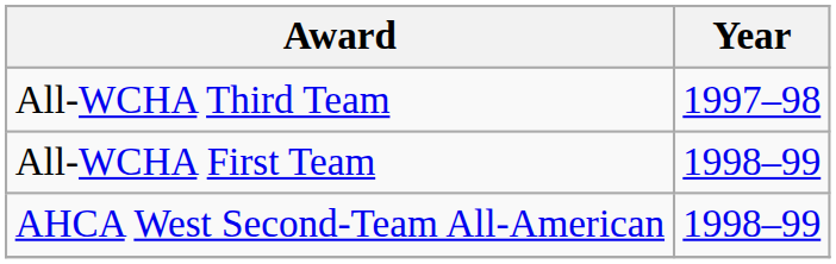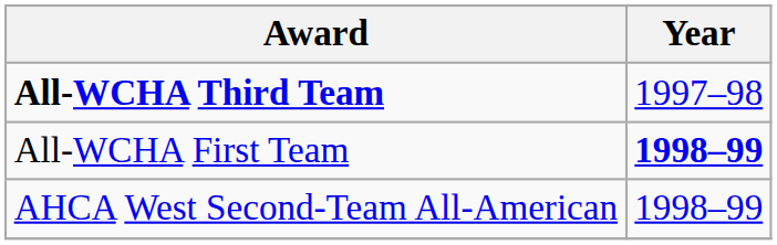 <table class="wikitable">
 <tr>
 <th>Award</th>
 <th>Year</th>
 </tr>
 <tr>
-<td>All-<a href='#'>WCHA</a> <a href='#'>Third Team</a></td>
+<td><strong>All-<a href='#'>WCHA</a> <a href='#'>Third Team</a></strong></td>
 <td><a href='#'>1997–98</a></td>
 </tr>
 <tr>
 <td>All-<a href='#'>WCHA</a> <a href='#'>First Team</a></td>
-<td><a href='#'>1998–99</a></td>
+<td><strong><a href='#'>1998–99</a></strong></td>
 </tr>
 <tr>
 <td><a href='#'>AHCA</a> <a href='#'>West Second-Team All-American</a></td>
 <td><a href='#'>1998–99</a></td>
 </tr>
 <tr>
 </tr>
 </table>
